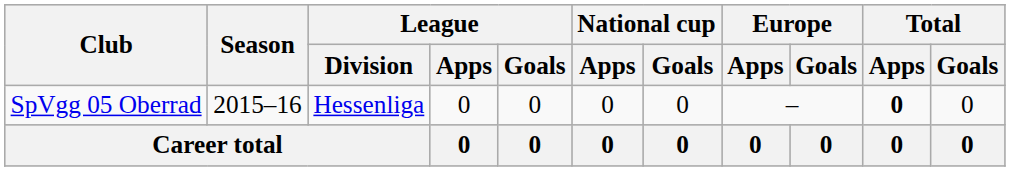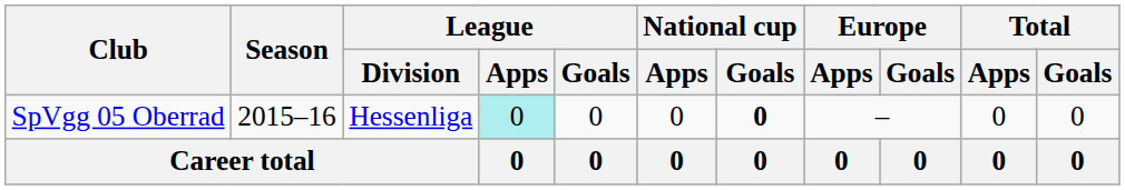 <table class="wikitable" style="text-align:center">
 <tr>
 <th rowspan="2">Club</th>
 <th rowspan="2">Season</th>
 <th colspan="3">League</th>
 <th colspan="2">National cup</th>
 <th colspan="2">Europe</th>
 <th colspan="2">Total</th>
 </tr>
 <tr>
 <th>Division</th>
 <th>Apps</th>
 <th>Goals</th>
 <th>Apps</th>
 <th>Goals</th>
 <th>Apps</th>
 <th>Goals</th>
 <th>Apps</th>
 <th>Goals</th>
 </tr>
 <tr>
 <td><a href='#'>SpVgg 05 Oberrad</a></td>
 <td>2015–16</td>
 <td><a href='#'>Hessenliga</a></td>
+<td style="background: paleturquoise;">0</td>
 <td>0</td>
 <td>0</td>
+<td><strong>0</strong></td>
+<td colspan="2">–</td>
 <td>0</td>
-<td>0</td>
-<td colspan="2">–</td>
-<td><strong>0</strong></td>
 <td>0</td>
 </tr>
 <tr>
 <th colspan="3">Career total</th>
 <th>0</th>
 <th>0</th>
 <th>0</th>
 <th>0</th>
 <th>0</th>
 <th>0</th>
 <th>0</th>
 <th>0</th>
 </tr>
 </table>
